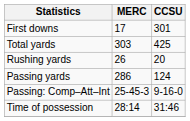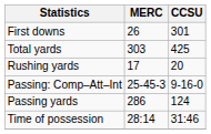 <table class="wikitable" style="float: left;">
 <tr>
 <th>Statistics</th>
 <th>MERC</th>
 <th>CCSU</th>
 </tr>
 <tr>
 <td>First downs</td>
-<td>17</td>
+<td>26</td>
 <td>301</td>
 </tr>
 <tr>
 <td>Total yards</td>
 <td>303</td>
 <td>425</td>
 </tr>
 <tr>
 <td>Rushing yards</td>
-<td>26</td>
+<td>17</td>
 <td>20</td>
+</tr>
+<tr>
+<td>Passing: Comp–Att–Int</td>
+<td>25-45-3</td>
+<td>9-16-0</td>
 </tr>
 <tr>
 <td>Passing yards</td>
 <td>286</td>
 <td>124</td>
-</tr>
-<tr>
-<td>Passing: Comp–Att–Int</td>
-<td>25-45-3</td>
-<td>9-16-0</td>
 </tr>
 <tr>
 <td>Time of possession</td>
 <td>28:14</td>
 <td>31:46</td>
 </tr>
 <tr>
 </tr>
 </table>
